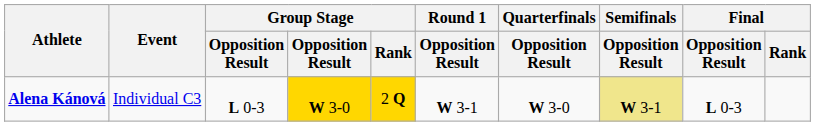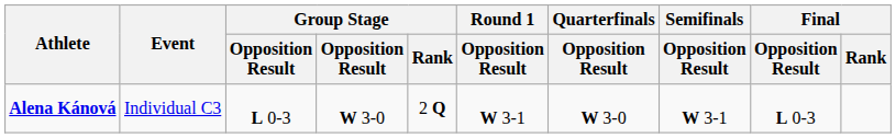 <table class=wikitable style="font-size:90%">
 <tr>
 <th rowspan="2">Athlete</th>
 <th rowspan="2">Event</th>
 <th colspan="3">Group Stage</th>
 <th>Round 1</th>
 <th>Quarterfinals</th>
 <th>Semifinals</th>
 <th colspan="2">Final</th>
 </tr>
 <tr>
 <th>Opposition<br>Result</th>
 <th>Opposition<br>Result</th>
 <th>Rank</th>
 <th>Opposition<br>Result</th>
 <th>Opposition<br>Result</th>
 <th>Opposition<br>Result</th>
 <th>Opposition<br>Result</th>
 <th>Rank</th>
 </tr>
 <tr align=center>
 <td align=left><strong><a href='#'>Alena Kánová</a></strong></td>
 <td align=left><a href='#'>Individual C3</a></td>
 <td><br> <strong>L</strong> 0-3</td>
-<td style="background: gold;"><br> <strong>W</strong> 3-0</td>
-<td style="background: gold;">2 <strong>Q</strong></td>
+<td><br> <strong>W</strong> 3-0</td>
+<td>2 <strong>Q</strong></td>
 <td><br> <strong>W</strong> 3-1</td>
 <td><br> <strong>W</strong> 3-0</td>
-<td style="background: khaki;"> <br> <strong>W</strong> 3-1</td>
+<td> <br> <strong>W</strong> 3-1</td>
 <td><br> <strong>L</strong> 0-3</td>
 <td></td>
 </tr>
 </table>
